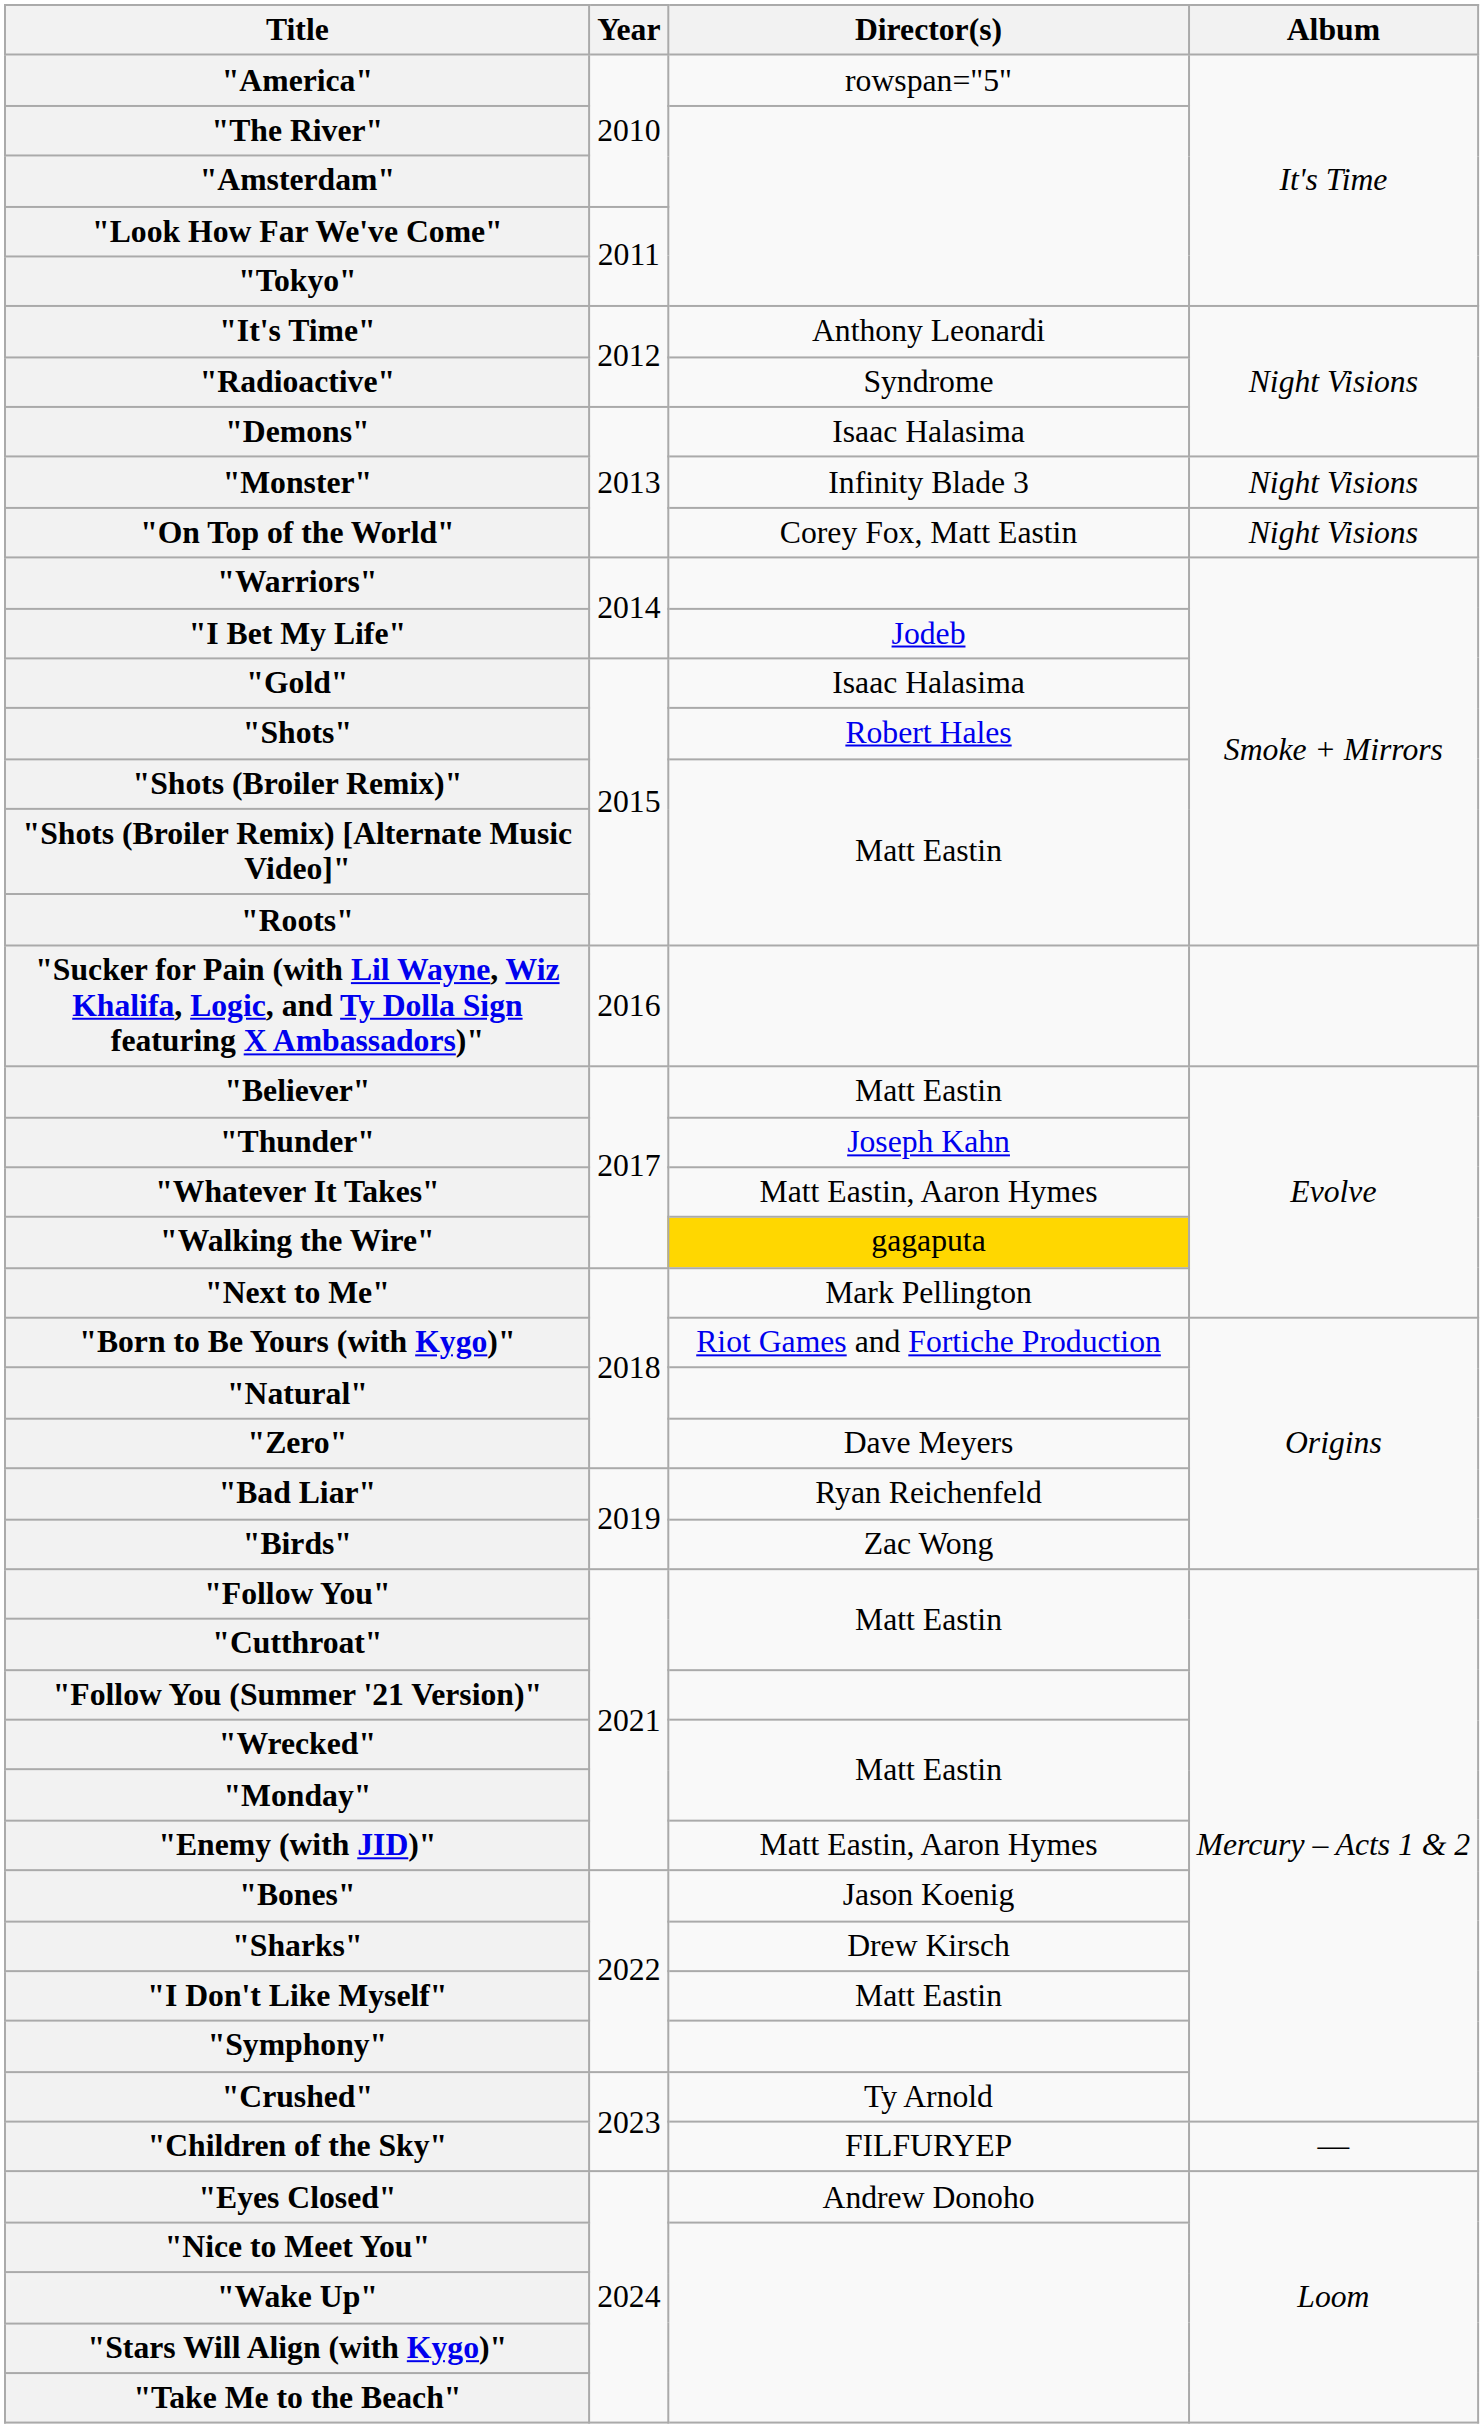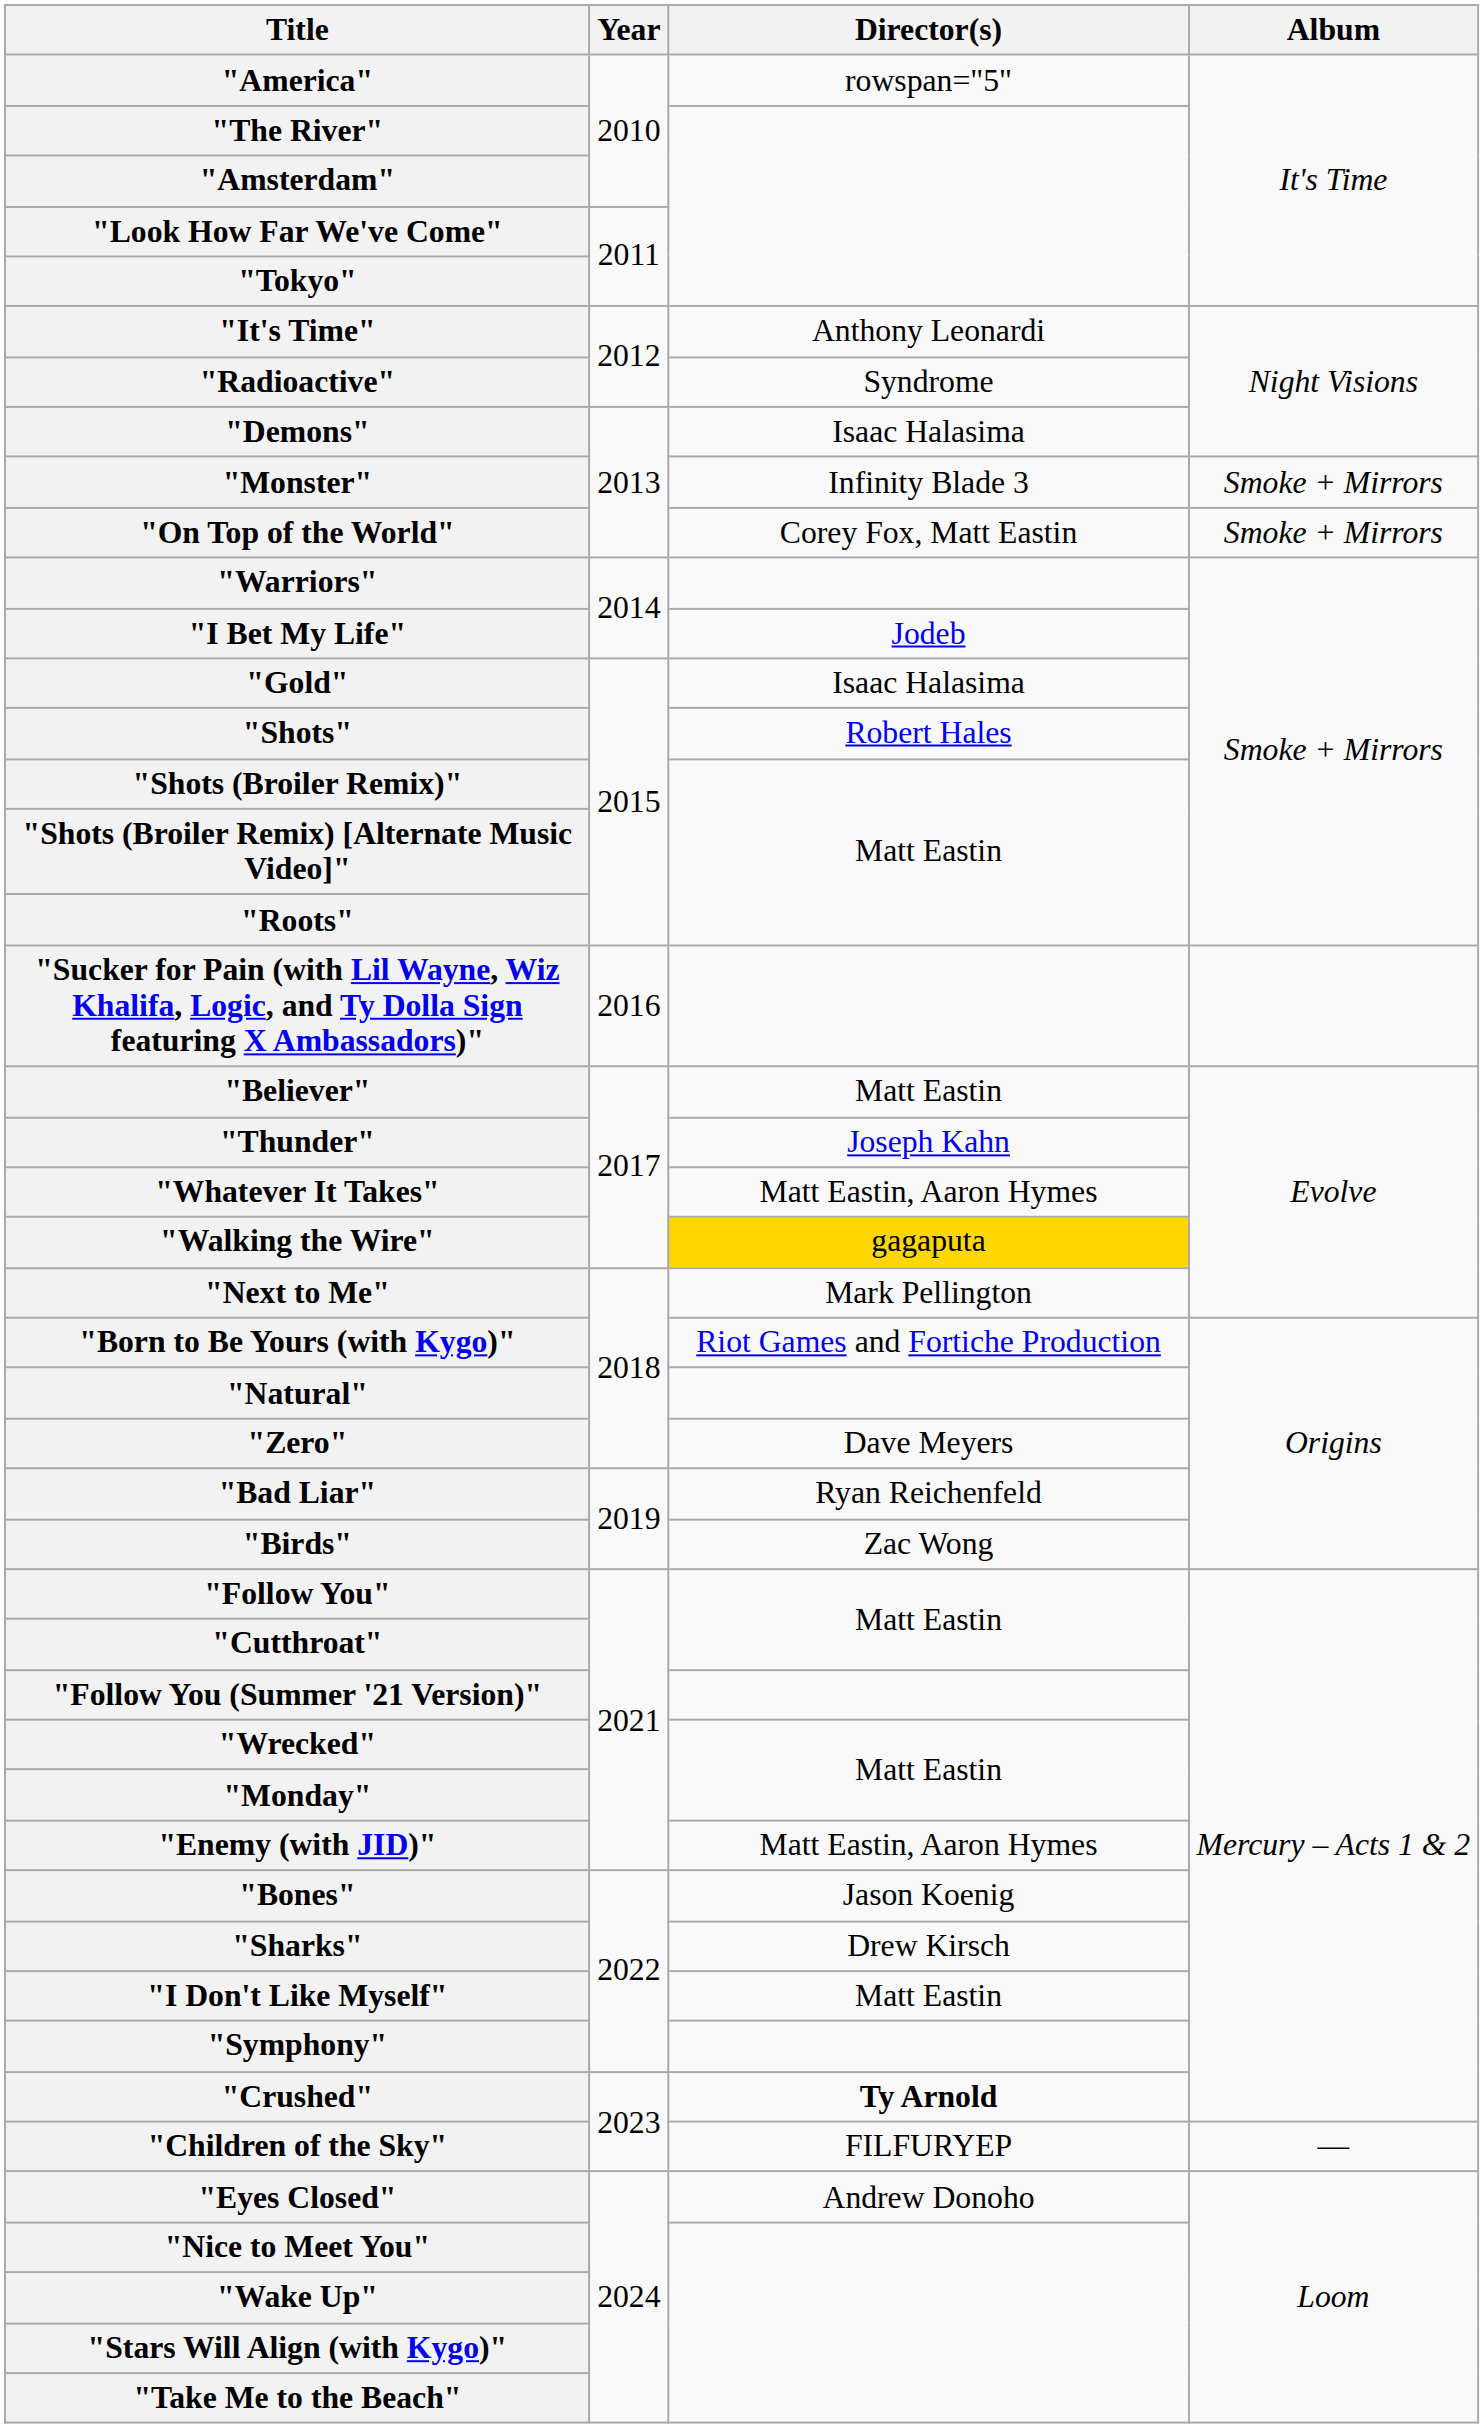 <table class="wikitable plainrowheaders" style="text-align:center;">
 <tr>
 <th scope="col" style="width:18em;">Title</th>
 <th scope="col">Year</th>
 <th scope="col" style="width:16em;">Director(s)</th>
 <th scope="col">Album</th>
 </tr>
 <tr>
 <th scope="row">"America"</th>
 <td rowspan="3">2010</td>
 <td>rowspan="5"</td>
 <td rowspan="5"><em>It's Time</em></td>
 </tr>
 <tr>
 <th scope="row">"The River"</th>
 </tr>
 <tr>
 <th scope="row">"Amsterdam"</th>
 </tr>
 <tr>
 <th scope="row">"Look How Far We've Come"</th>
 <td rowspan="2">2011</td>
 </tr>
 <tr>
 <th scope="row">"Tokyo"</th>
 </tr>
 <tr>
 <th scope="row">"It's Time"</th>
 <td rowspan="2">2012</td>
 <td>Anthony Leonardi</td>
 <td rowspan="3"><em>Night Visions</em></td>
 </tr>
 <tr>
 <th scope="row">"Radioactive"</th>
 <td>Syndrome</td>
 </tr>
 <tr>
 <th scope="row">"Demons"</th>
 <td rowspan="3">2013</td>
 <td>Isaac Halasima</td>
 </tr>
 <tr>
 <th scope="row">"Monster"</th>
 <td>Infinity Blade 3</td>
-<td><em>Night Visions</em></td>
+<td><em>Smoke + Mirrors</em></td>
 </tr>
 <tr>
 <th scope="row">"On Top of the World"</th>
 <td>Corey Fox, Matt Eastin</td>
-<td><em>Night Visions</em></td>
+<td><em>Smoke + Mirrors</em></td>
 </tr>
 <tr>
 <th scope="row">"Warriors"</th>
 <td rowspan="2">2014</td>
 <td></td>
 <td rowspan="7"><em>Smoke + Mirrors</em></td>
 </tr>
 <tr>
 <th scope="row">"I Bet My Life"</th>
 <td><a href='#'>Jodeb</a></td>
 </tr>
 <tr>
 <th scope="row">"Gold"</th>
 <td rowspan="5">2015</td>
 <td>Isaac Halasima</td>
 </tr>
 <tr>
 <th scope="row">"Shots"</th>
 <td><a href='#'>Robert Hales</a></td>
 </tr>
 <tr>
 <th scope="row">"Shots (Broiler Remix)"</th>
 <td rowspan="3">Matt Eastin</td>
 </tr>
 <tr>
 <th scope="row">"Shots (Broiler Remix) [Alternate Music Video]"</th>
 </tr>
 <tr>
 <th scope="row">"Roots"</th>
 </tr>
 <tr>
 <th scope="row">"Sucker for Pain (with <a href='#'>Lil Wayne</a>, <a href='#'>Wiz Khalifa</a>, <a href='#'>Logic</a>, and <a href='#'>Ty Dolla Sign</a> featuring <a href='#'>X Ambassadors</a>)"</th>
 <td>2016</td>
 <td></td>
 </tr>
 <tr>
 <th scope="row">"Believer"</th>
 <td rowspan="4">2017</td>
 <td>Matt Eastin</td>
 <td rowspan="5"><em>Evolve</em></td>
 </tr>
 <tr>
 <th scope="row">"Thunder"</th>
 <td><a href='#'>Joseph Kahn</a></td>
 </tr>
 <tr>
 <th scope="row">"Whatever It Takes"</th>
 <td>Matt Eastin, Aaron Hymes</td>
 </tr>
 <tr>
 <th scope="row">"Walking the Wire"</th>
 <td style="background: gold;">gagaputa</td>
 </tr>
 <tr>
 <th scope="row">"Next to Me"</th>
 <td rowspan="4">2018</td>
 <td>Mark Pellington</td>
 </tr>
 <tr>
 <th scope="row">"Born to Be Yours (with <a href='#'>Kygo</a>)"</th>
 <td><a href='#'>Riot Games</a> and <a href='#'>Fortiche Production</a></td>
 <td rowspan="5"><em>Origins</em></td>
 </tr>
 <tr>
 <th scope="row">"Natural"</th>
 <td></td>
 </tr>
 <tr>
 <th scope="row">"Zero"</th>
 <td>Dave Meyers</td>
 </tr>
 <tr>
 <th scope="row">"Bad Liar"</th>
 <td rowspan="2">2019</td>
 <td>Ryan Reichenfeld</td>
 </tr>
 <tr>
 <th scope="row">"Birds"</th>
 <td>Zac Wong</td>
 </tr>
 <tr>
 <th scope="row">"Follow You"</th>
 <td rowspan="6">2021</td>
 <td rowspan="2">Matt Eastin</td>
 <td rowspan="11"><em>Mercury – Acts 1 & 2</em></td>
 </tr>
 <tr>
 <th scope="row">"Cutthroat"</th>
 </tr>
 <tr>
 <th scope="row">"Follow You (Summer '21 Version)"</th>
 <td></td>
 </tr>
 <tr>
 <th scope="row">"Wrecked"</th>
 <td rowspan="2">Matt Eastin</td>
 </tr>
 <tr>
 <th scope="row">"Monday"</th>
 </tr>
 <tr>
 <th scope="row">"Enemy (with <a href='#'>JID</a>)"</th>
 <td>Matt Eastin, Aaron Hymes</td>
 </tr>
 <tr>
 <th scope="row">"Bones"</th>
 <td rowspan="4">2022</td>
 <td>Jason Koenig</td>
 </tr>
 <tr>
 <th scope="row">"Sharks"</th>
 <td>Drew Kirsch</td>
 </tr>
 <tr>
 <th scope="row">"I Don't Like Myself"</th>
 <td>Matt Eastin</td>
 </tr>
 <tr>
 <th scope="row">"Symphony"</th>
 </tr>
 <tr>
 <th scope="row">"Crushed"</th>
 <td rowspan="2">2023</td>
-<td>Ty Arnold</td>
+<td><strong>Ty Arnold</strong></td>
 </tr>
 <tr>
 <th scope="row">"Children of the Sky"</th>
 <td>FILFURYEP</td>
 <td>—</td>
 </tr>
 <tr>
 <th scope="row">"Eyes Closed"</th>
 <td rowspan="5">2024</td>
 <td>Andrew Donoho</td>
 <td rowspan="5"><em>Loom</em></td>
 </tr>
 <tr>
 <th scope="row">"Nice to Meet You"</th>
 </tr>
 <tr>
 <th scope="row">"Wake Up"</th>
 </tr>
 <tr>
 <th scope="row">"Stars Will Align (with <a href='#'>Kygo</a>)"</th>
 </tr>
 <tr>
 <th scope="row">"Take Me to the Beach"</th>
 </tr>
 </table>
